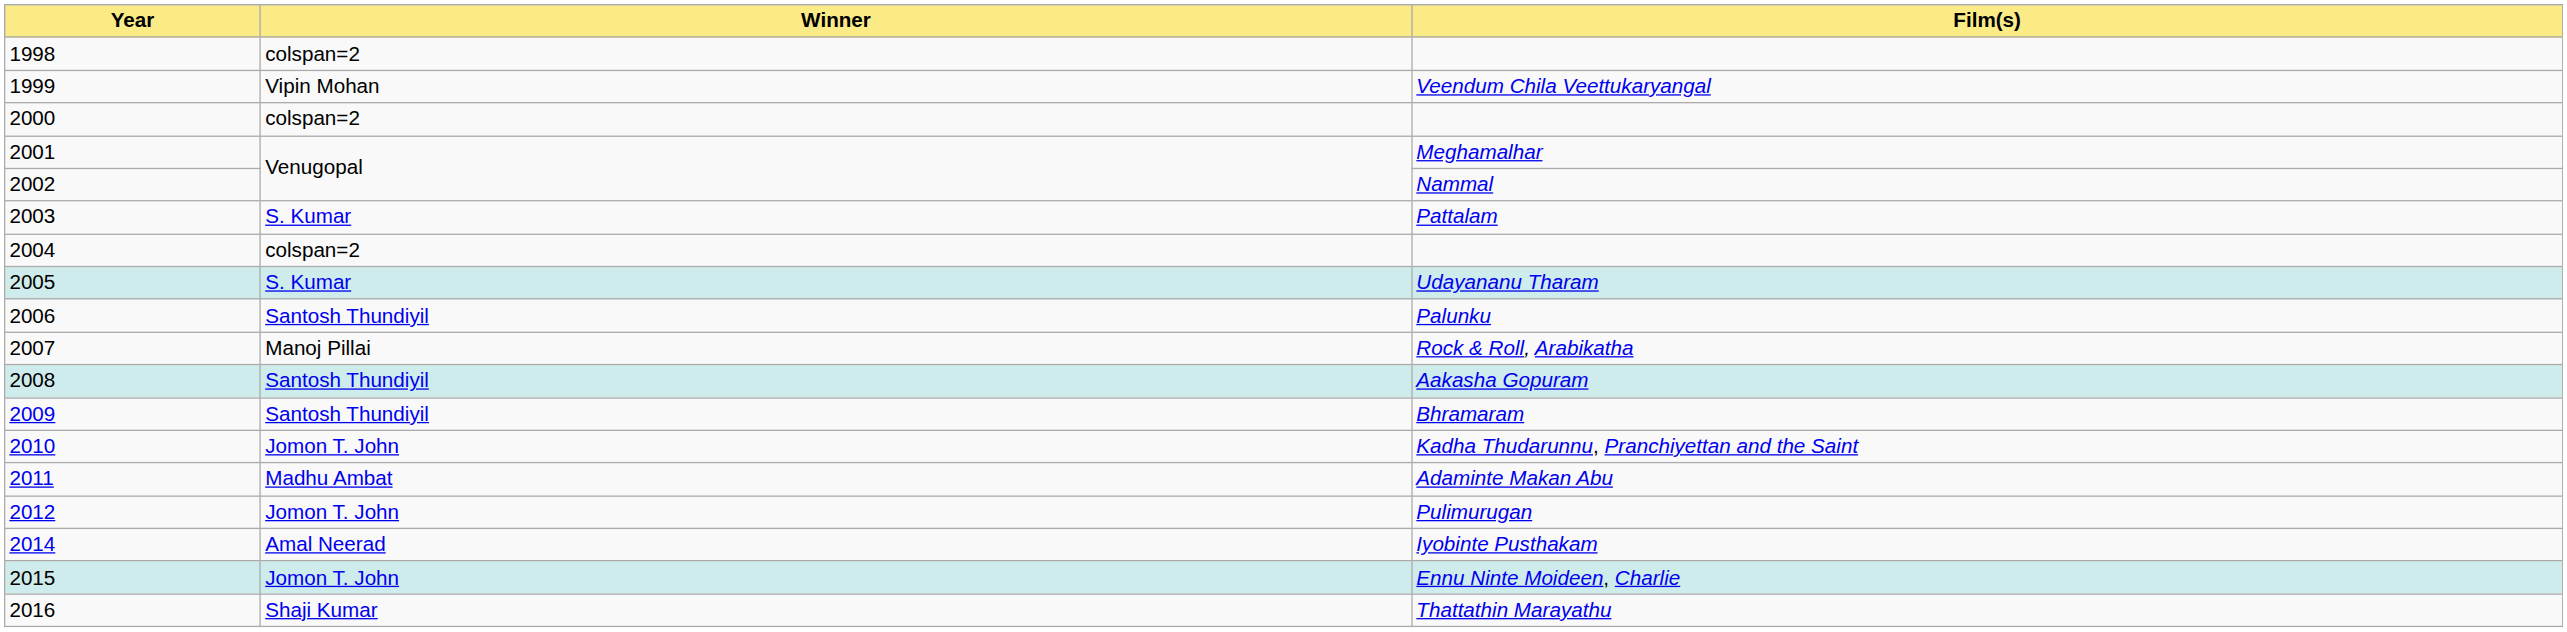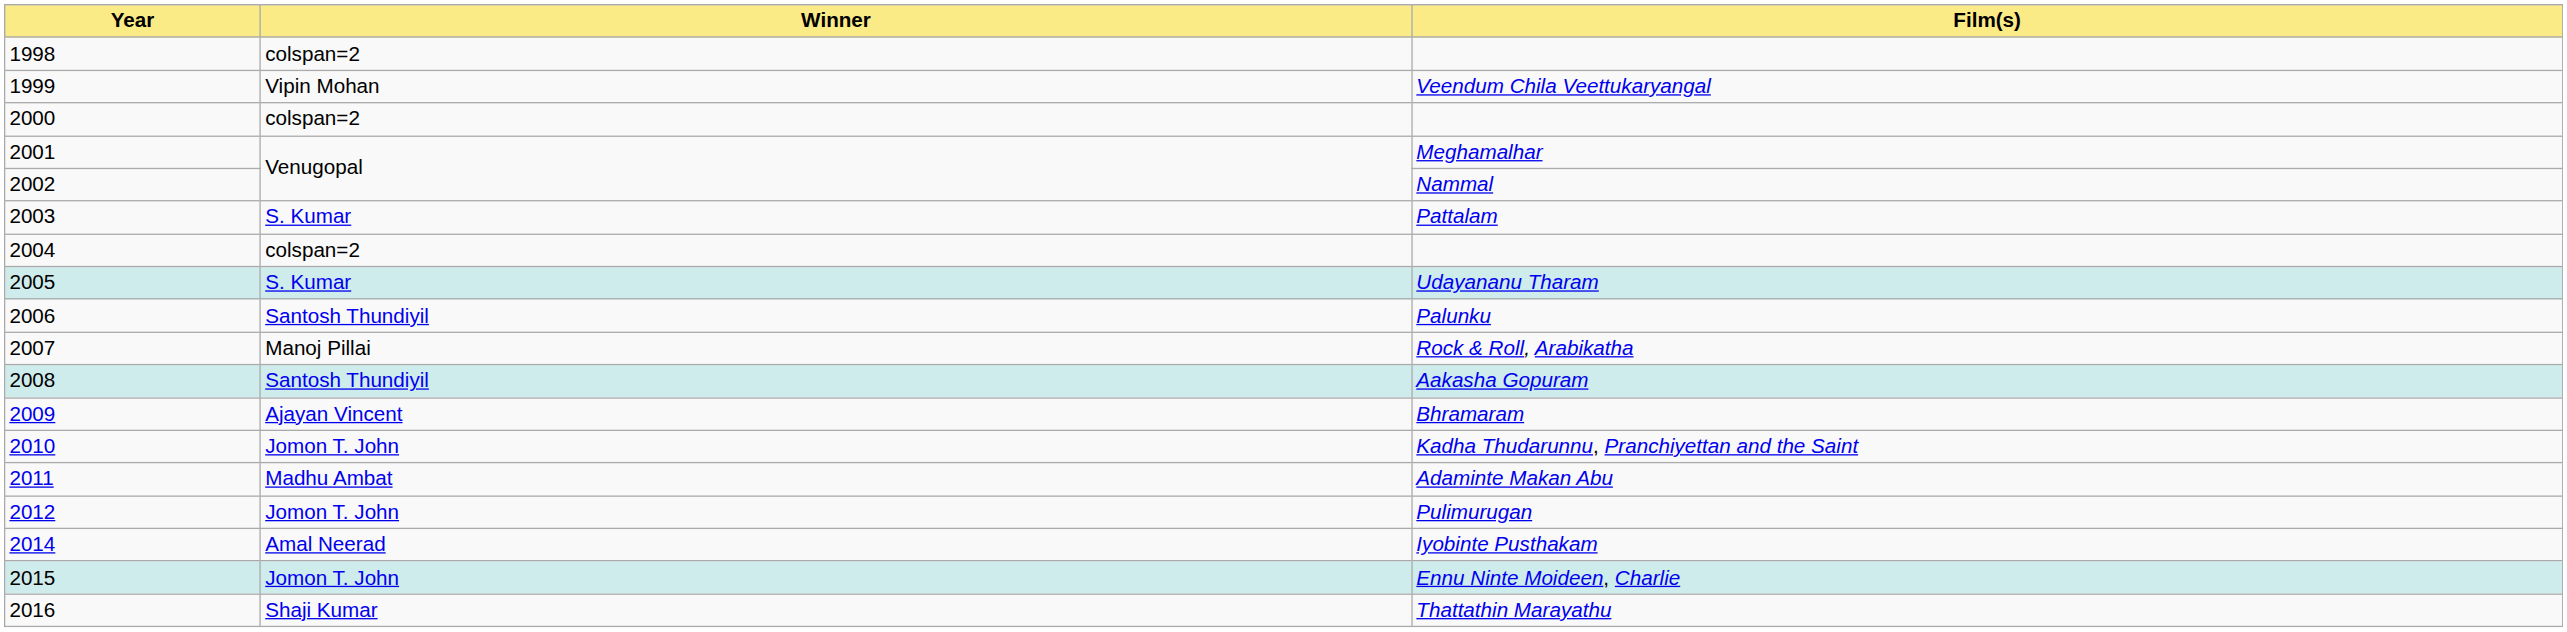 <table class="wikitable" style="width:100%">
 <tr bgcolor="#bebebe">
 <th width="10%" style="background:#FAEB86">Year</th>
 <th width="45%" style="background:#FAEB86">Winner</th>
 <th width="45%" style="background:#FAEB86">Film(s)</th>
 </tr>
 <tr>
 <td>1998</td>
 <td>colspan=2 </td>
 </tr>
 <tr>
 <td>1999</td>
 <td>Vipin Mohan</td>
 <td><em><a href='#'>Veendum Chila Veettukaryangal</a></em></td>
 </tr>
 <tr>
 <td>2000</td>
 <td>colspan=2 </td>
 </tr>
 <tr>
 <td>2001</td>
 <td rowspan="2">Venugopal</td>
 <td><em><a href='#'>Meghamalhar</a></em></td>
 </tr>
 <tr>
 <td>2002</td>
 <td><em><a href='#'>Nammal</a></em></td>
 </tr>
 <tr>
 <td>2003</td>
 <td><a href='#'>S. Kumar</a></td>
 <td><em><a href='#'>Pattalam</a></em></td>
 </tr>
 <tr>
 <td>2004</td>
 <td>colspan=2 </td>
 </tr>
 <tr bgcolor="#cfecec">
 <td>2005</td>
 <td><a href='#'>S. Kumar</a></td>
 <td><em><a href='#'>Udayananu Tharam</a></em></td>
 </tr>
 <tr>
 <td>2006</td>
 <td><a href='#'>Santosh Thundiyil</a></td>
 <td><em><a href='#'>Palunku</a></em></td>
 </tr>
 <tr>
 <td>2007</td>
 <td>Manoj Pillai</td>
 <td><em><a href='#'>Rock & Roll</a>, <a href='#'>Arabikatha</a></em></td>
 </tr>
 <tr bgcolor="#cfecec">
 <td>2008</td>
 <td><a href='#'>Santosh Thundiyil</a></td>
 <td><em><a href='#'>Aakasha Gopuram</a></em></td>
 </tr>
 <tr>
 <td><a href='#'>2009</a></td>
-<td><a href='#'>Santosh Thundiyil</a></td>
+<td><a href='#'>Ajayan Vincent</a></td>
 <td><em><a href='#'>Bhramaram</a></em></td>
 </tr>
 <tr>
 <td><a href='#'>2010</a></td>
 <td><a href='#'>Jomon T. John</a></td>
 <td><em><a href='#'>Kadha Thudarunnu</a></em>, <em><a href='#'>Pranchiyettan and the Saint</a></em></td>
 </tr>
 <tr>
 <td><a href='#'>2011</a></td>
 <td><a href='#'>Madhu Ambat</a></td>
 <td><em><a href='#'>Adaminte Makan Abu</a></em></td>
 </tr>
 <tr>
 <td><a href='#'>2012</a></td>
 <td><a href='#'>Jomon T. John</a></td>
 <td><em><a href='#'>Pulimurugan</a></em></td>
 </tr>
 <tr>
 <td><a href='#'>2014</a></td>
 <td><a href='#'>Amal Neerad</a></td>
 <td><em><a href='#'>Iyobinte Pusthakam</a></em></td>
 </tr>
 <tr bgcolor="#cfecec">
 <td>2015</td>
 <td><a href='#'>Jomon T. John</a></td>
 <td><em><a href='#'>Ennu Ninte Moideen</a></em>, <em><a href='#'>Charlie</a></em></td>
 </tr>
 <tr>
 <td>2016</td>
 <td><a href='#'>Shaji Kumar</a></td>
 <td><em><a href='#'>Thattathin Marayathu</a></em></td>
 </tr>
 </table>
